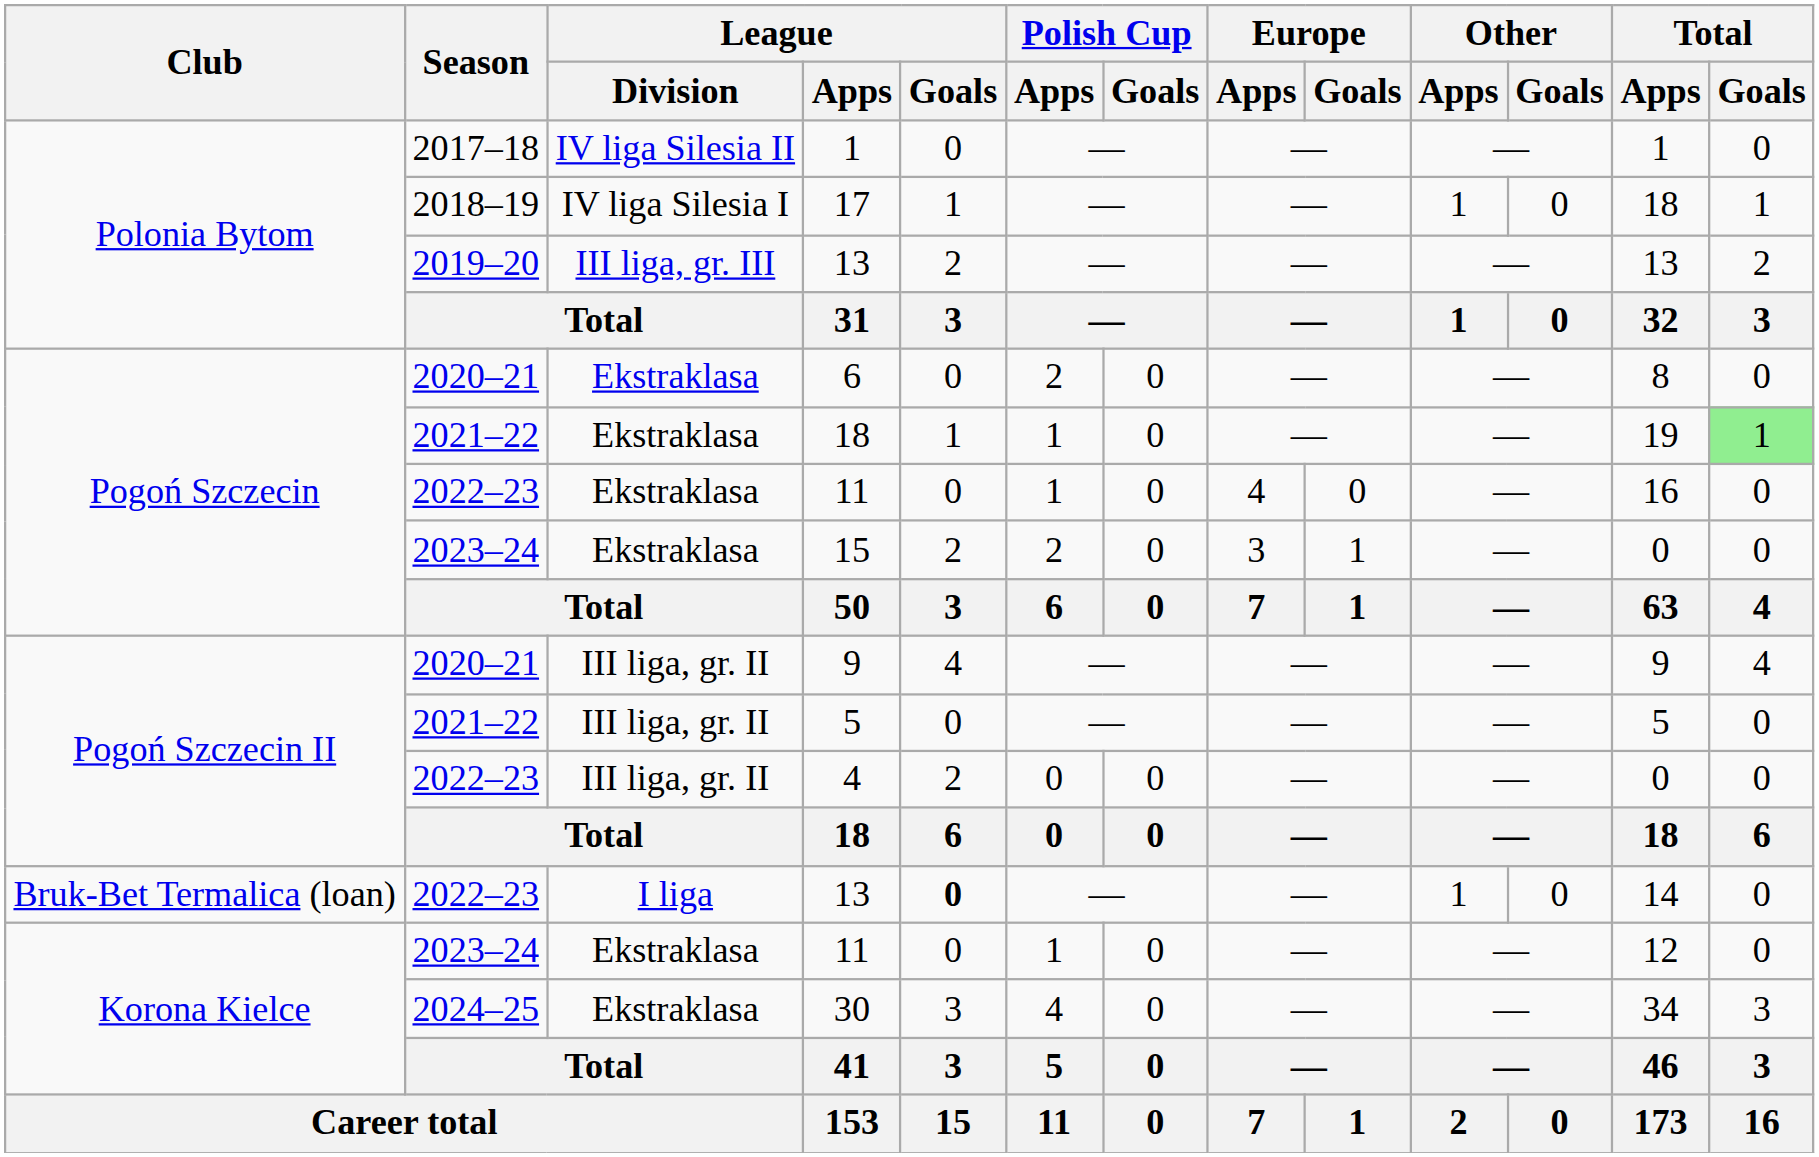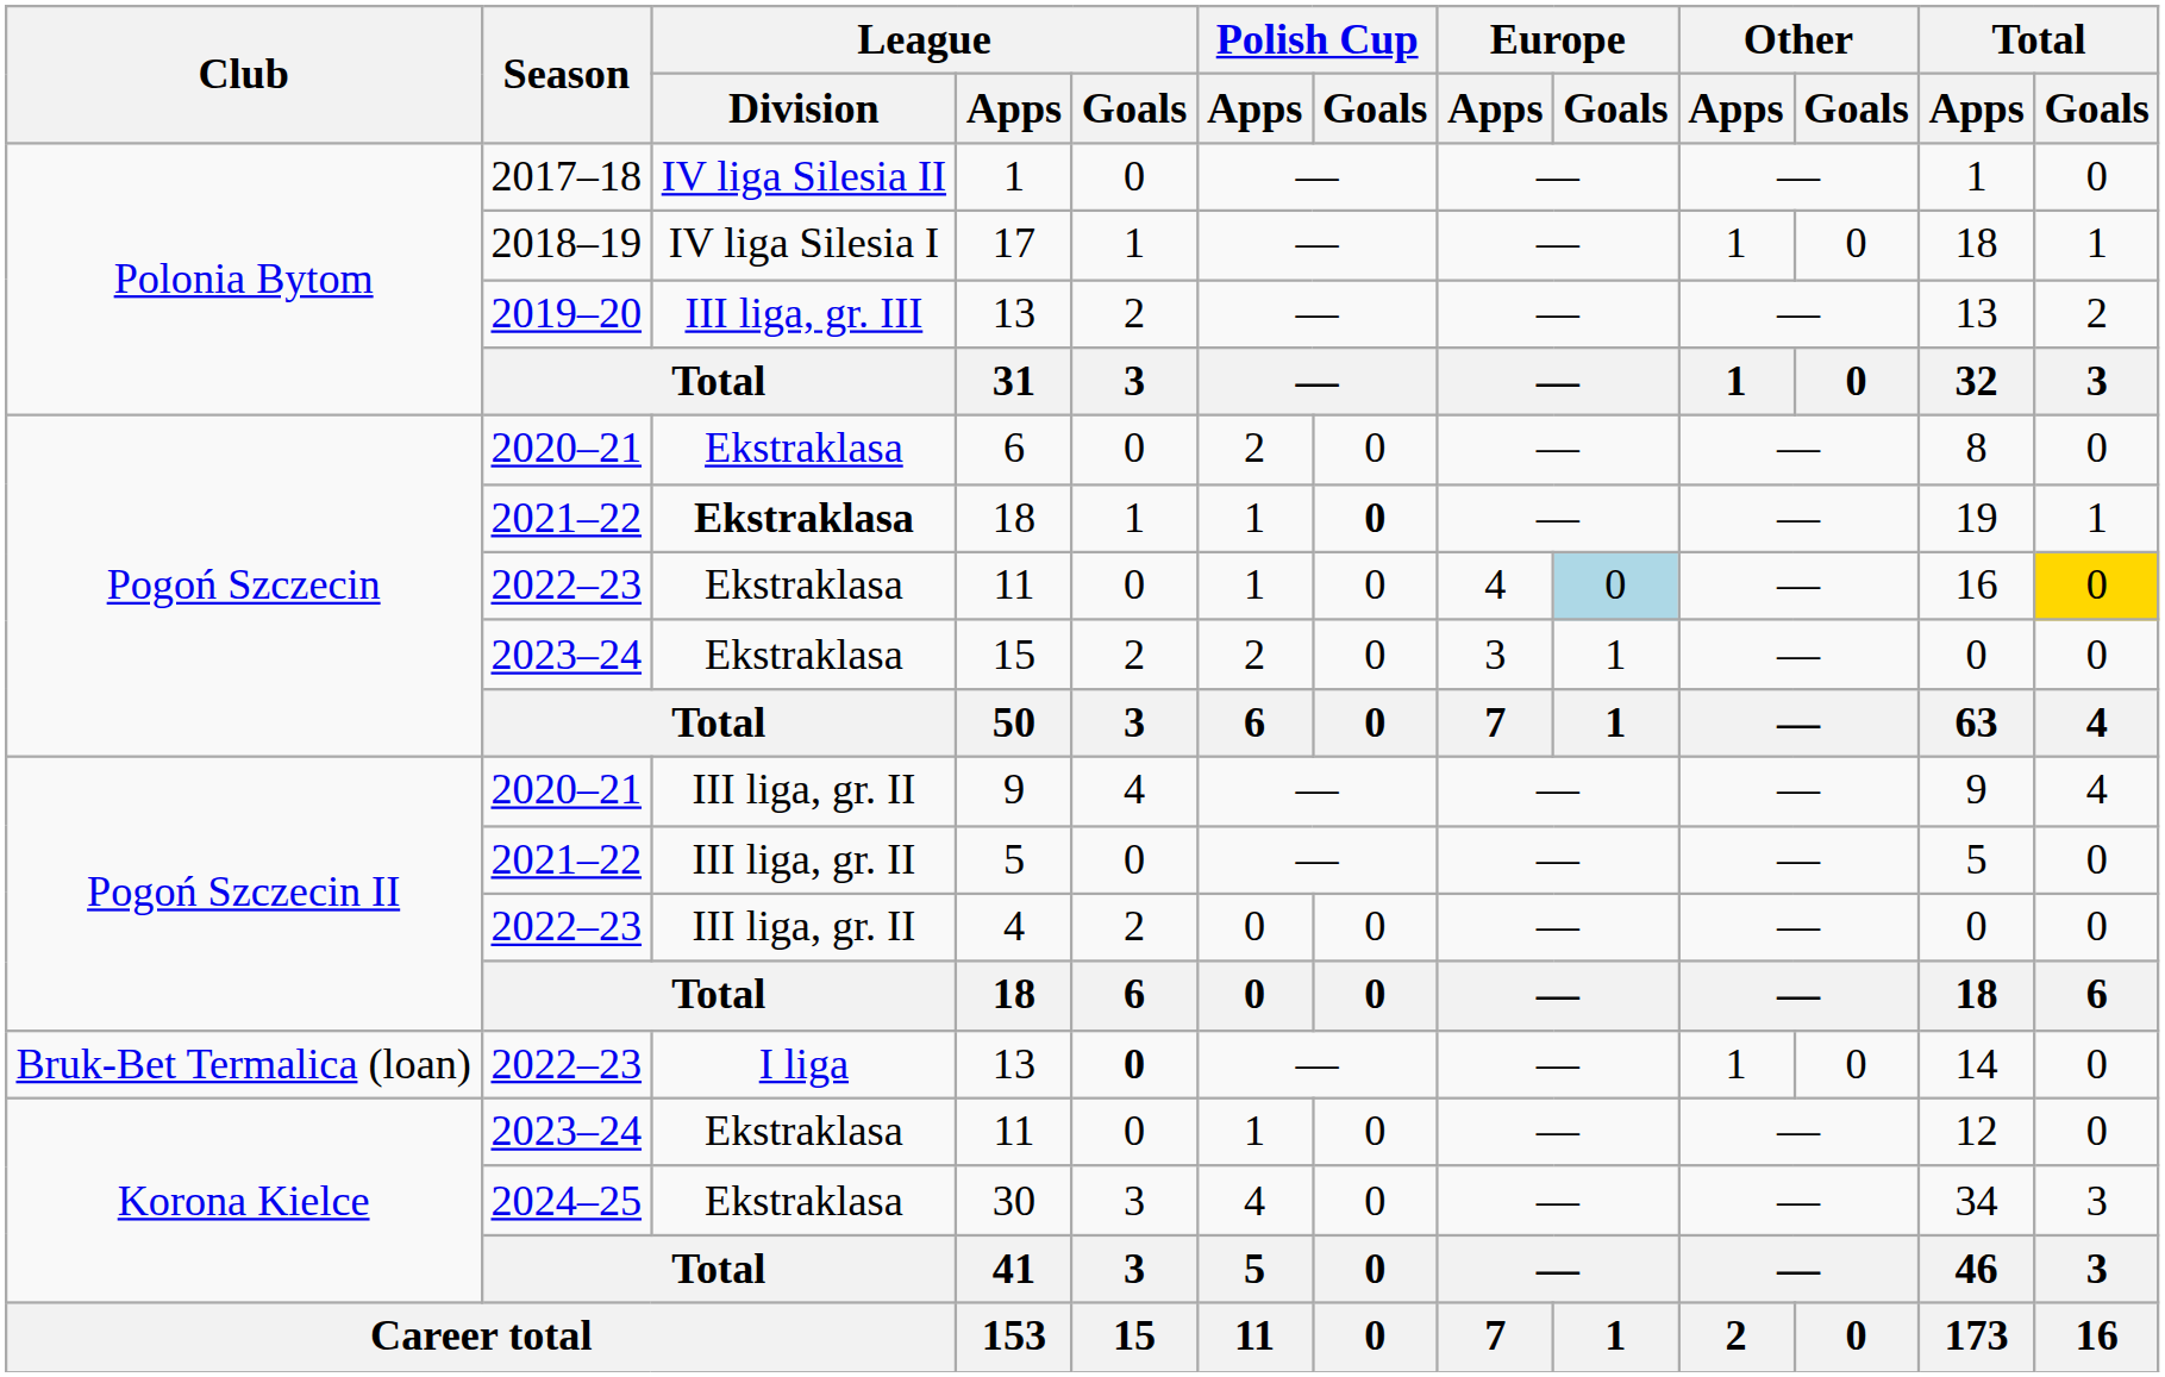 <table class="wikitable" style="text-align: center;">
 <tr>
 <th rowspan="2">Club</th>
 <th rowspan="2">Season</th>
 <th colspan="3">League</th>
 <th colspan="2"><a href='#'>Polish Cup</a></th>
 <th colspan="2">Europe</th>
 <th colspan="2">Other</th>
 <th colspan="2">Total</th>
 </tr>
 <tr>
 <th>Division</th>
 <th>Apps</th>
 <th>Goals</th>
 <th>Apps</th>
 <th>Goals</th>
 <th>Apps</th>
 <th>Goals</th>
 <th>Apps</th>
 <th>Goals</th>
 <th>Apps</th>
 <th>Goals</th>
 </tr>
 <tr>
 <td rowspan="4"><a href='#'>Polonia Bytom</a></td>
 <td>2017–18</td>
 <td><a href='#'>IV liga Silesia II</a></td>
 <td>1</td>
 <td>0</td>
 <td colspan="2">—</td>
 <td colspan="2">—</td>
 <td colspan="2">—</td>
 <td>1</td>
 <td>0</td>
 </tr>
 <tr>
 <td>2018–19</td>
 <td>IV liga Silesia I</td>
 <td>17</td>
 <td>1</td>
 <td colspan="2">—</td>
 <td colspan="2">—</td>
 <td>1</td>
 <td>0</td>
 <td>18</td>
 <td>1</td>
 </tr>
 <tr>
 <td><a href='#'>2019–20</a></td>
 <td><a href='#'>III liga, gr. III</a></td>
 <td>13</td>
 <td>2</td>
 <td colspan="2">—</td>
 <td colspan="2">—</td>
 <td colspan="2">—</td>
 <td>13</td>
 <td>2</td>
 </tr>
 <tr>
 <th colspan="2">Total</th>
 <th>31</th>
 <th>3</th>
 <th colspan="2">—</th>
 <th colspan="2">—</th>
 <th>1</th>
 <th>0</th>
 <th>32</th>
 <th>3</th>
 </tr>
 <tr>
 <td rowspan="5"><a href='#'>Pogoń Szczecin</a></td>
 <td><a href='#'>2020–21</a></td>
 <td><a href='#'>Ekstraklasa</a></td>
 <td>6</td>
 <td>0</td>
 <td>2</td>
 <td>0</td>
 <td colspan="2">—</td>
 <td colspan="2">—</td>
 <td>8</td>
 <td>0</td>
 </tr>
 <tr>
 <td><a href='#'>2021–22</a></td>
-<td>Ekstraklasa</td>
+<td><strong>Ekstraklasa</strong></td>
 <td>18</td>
 <td>1</td>
 <td>1</td>
-<td>0</td>
+<td><strong>0</strong></td>
 <td colspan="2">—</td>
 <td colspan="2">—</td>
 <td>19</td>
-<td style="background: lightgreen;">1</td>
+<td>1</td>
 </tr>
 <tr>
 <td><a href='#'>2022–23</a></td>
 <td>Ekstraklasa</td>
 <td>11</td>
 <td>0</td>
 <td>1</td>
 <td>0</td>
 <td>4</td>
-<td>0</td>
+<td style="background: lightblue;">0</td>
 <td colspan="2">—</td>
 <td>16</td>
-<td>0</td>
+<td style="background: gold;">0</td>
 </tr>
 <tr>
 <td><a href='#'>2023–24</a></td>
 <td>Ekstraklasa</td>
 <td>15</td>
 <td>2</td>
 <td>2</td>
 <td>0</td>
 <td>3</td>
 <td>1</td>
 <td colspan="2">—</td>
 <td>0</td>
 <td>0</td>
 </tr>
 <tr>
 <th colspan="2">Total</th>
 <th>50</th>
 <th>3</th>
 <th>6</th>
 <th>0</th>
 <th>7</th>
 <th>1</th>
 <th colspan="2">—</th>
 <th>63</th>
 <th>4</th>
 </tr>
 <tr>
 <td rowspan="4"><a href='#'>Pogoń Szczecin II</a></td>
 <td><a href='#'>2020–21</a></td>
 <td>III liga, gr. II</td>
 <td>9</td>
 <td>4</td>
 <td colspan="2">—</td>
 <td colspan="2">—</td>
 <td colspan="2">—</td>
 <td>9</td>
 <td>4</td>
 </tr>
 <tr>
 <td><a href='#'>2021–22</a></td>
 <td>III liga, gr. II</td>
 <td>5</td>
 <td>0</td>
 <td colspan="2">—</td>
 <td colspan="2">—</td>
 <td colspan="2">—</td>
 <td>5</td>
 <td>0</td>
 </tr>
 <tr>
 <td><a href='#'>2022–23</a></td>
 <td>III liga, gr. II</td>
 <td>4</td>
 <td>2</td>
 <td>0</td>
 <td>0</td>
 <td colspan="2">—</td>
 <td colspan="2">—</td>
 <td>0</td>
 <td>0</td>
 </tr>
 <tr>
 <th colspan="2">Total</th>
 <th>18</th>
 <th>6</th>
 <th>0</th>
 <th>0</th>
 <th colspan="2">—</th>
 <th colspan="2">—</th>
 <th>18</th>
 <th>6</th>
 </tr>
 <tr>
 <td><a href='#'>Bruk-Bet Termalica</a> (loan)</td>
 <td><a href='#'>2022–23</a></td>
 <td><a href='#'>I liga</a></td>
 <td>13</td>
 <td><strong>0</strong></td>
 <td colspan="2">—</td>
 <td colspan="2">—</td>
 <td>1</td>
 <td>0</td>
 <td>14</td>
 <td>0</td>
 </tr>
 <tr>
 <td rowspan="3"><a href='#'>Korona Kielce</a></td>
 <td><a href='#'>2023–24</a></td>
 <td>Ekstraklasa</td>
 <td>11</td>
 <td>0</td>
 <td>1</td>
 <td>0</td>
 <td colspan="2">—</td>
 <td colspan="2">—</td>
 <td>12</td>
 <td>0</td>
 </tr>
 <tr>
 <td><a href='#'>2024–25</a></td>
 <td>Ekstraklasa</td>
 <td>30</td>
 <td>3</td>
 <td>4</td>
 <td>0</td>
 <td colspan="2">—</td>
 <td colspan="2">—</td>
 <td>34</td>
 <td>3</td>
 </tr>
 <tr>
 <th colspan="2">Total</th>
 <th>41</th>
 <th>3</th>
 <th>5</th>
 <th>0</th>
 <th colspan="2">—</th>
 <th colspan="2">—</th>
 <th>46</th>
 <th>3</th>
 </tr>
 <tr>
 <th colspan="3">Career total</th>
 <th>153</th>
 <th>15</th>
 <th>11</th>
 <th>0</th>
 <th>7</th>
 <th>1</th>
 <th>2</th>
 <th>0</th>
 <th>173</th>
 <th>16</th>
 </tr>
 </table>
